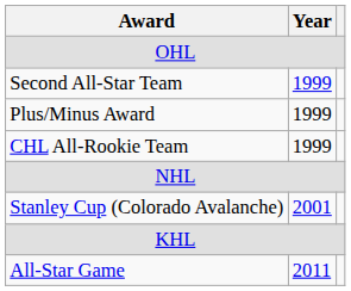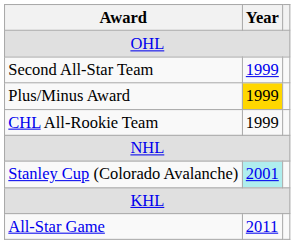 <table class="wikitable">
 <tr>
 <th>Award</th>
 <th>Year</th>
 <th></th>
 </tr>
 <tr ALIGN="center" bgcolor="#e0e0e0">
 <td colspan="3"><a href='#'>OHL</a></td>
 </tr>
 <tr>
 <td>Second All-Star Team</td>
 <td><a href='#'>1999</a></td>
 <td></td>
 </tr>
 <tr>
 <td>Plus/Minus Award</td>
-<td>1999</td>
+<td style="background: gold;">1999</td>
 <td></td>
 </tr>
 <tr>
 <td><a href='#'>CHL</a> All-Rookie Team</td>
 <td>1999</td>
 <td></td>
 </tr>
 <tr ALIGN="center" bgcolor="#e0e0e0">
 <td colspan="3"><a href='#'>NHL</a></td>
 </tr>
 <tr>
 <td><a href='#'>Stanley Cup</a> (Colorado Avalanche)</td>
-<td><a href='#'>2001</a></td>
+<td style="background: paleturquoise;"><a href='#'>2001</a></td>
 <td></td>
 </tr>
 <tr ALIGN="center" bgcolor="#e0e0e0">
 <td colspan="3"><a href='#'>KHL</a></td>
 </tr>
 <tr>
 <td><a href='#'>All-Star Game</a></td>
 <td><a href='#'>2011</a></td>
 <td></td>
 </tr>
 </table>
